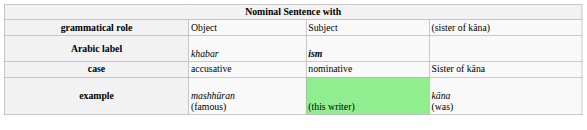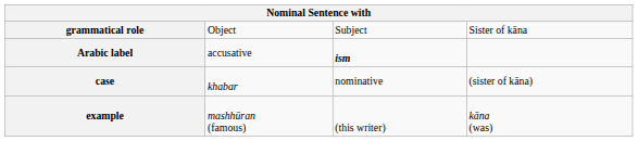 <table class="wikitable" width="75%">
 <tr>
 <th colspan="5">Nominal Sentence with </th>
 </tr>
 <tr>
 <th>grammatical role</th>
 <td>Object</td>
 <td>Subject</td>
-<td>(sister of kāna)</td>
+<td>Sister of kāna</td>
 </tr>
 <tr>
 <th>Arabic label</th>
-<td><br><em>khabar</em></td>
+<td>accusative</td>
 <td><strong><br><em>ism</em></strong></td>
 <td><br><em></em></td>
 </tr>
 <tr>
 <th>case</th>
-<td>accusative</td>
+<td><br><em>khabar</em></td>
 <td>nominative</td>
-<td>Sister of kāna</td>
+<td>(sister of kāna)</td>
 </tr>
 <tr>
 <th>example</th>
 <td><br><em>mashhūran</em><br>(famous)</td>
-<td style="background: lightgreen;"><br><em></em><br>(this writer)</td>
+<td><br><em></em><br>(this writer)</td>
 <td><br><em>kāna</em><br>(was)</td>
 </tr>
 </table>
